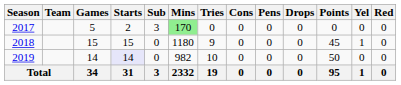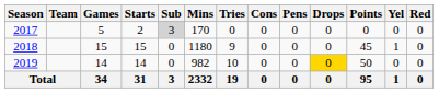 <table class="wikitable" style="text-align:center; line-height:90%; font-size:95%; width:60%;">
 <tr>
 <th>Season</th>
 <th>Team</th>
 <th>Games</th>
 <th>Starts</th>
 <th>Sub</th>
 <th>Mins</th>
 <th>Tries</th>
 <th>Cons</th>
 <th>Pens</th>
 <th>Drops</th>
 <th>Points</th>
 <th>Yel</th>
 <th>Red</th>
 </tr>
 <tr>
 <td><a href='#'>2017</a></td>
 <td></td>
 <td>5</td>
 <td>2</td>
-<td>3</td>
-<td style="background: lightgreen;">170</td>
+<td style="background: lightgrey;">3</td>
+<td>170</td>
 <td>0</td>
 <td>0</td>
 <td>0</td>
 <td>0</td>
 <td>0</td>
 <td>0</td>
 <td>0</td>
 </tr>
 <tr>
 <td><a href='#'>2018</a></td>
 <td></td>
 <td>15</td>
 <td>15</td>
 <td>0</td>
 <td>1180</td>
 <td>9</td>
 <td>0</td>
 <td>0</td>
 <td>0</td>
 <td>45</td>
 <td>1</td>
 <td>0</td>
 </tr>
 <tr>
 <td><a href='#'>2019</a></td>
 <td></td>
 <td>14</td>
-<td style="background: lavender;">14</td>
+<td>14</td>
 <td>0</td>
 <td>982</td>
 <td>10</td>
 <td>0</td>
 <td>0</td>
-<td>0</td>
+<td style="background: gold;">0</td>
 <td>50</td>
 <td>0</td>
 <td>0</td>
 </tr>
 <tr>
 <th colspan="2">Total</th>
 <th>34</th>
 <th>31</th>
 <th>3</th>
 <th>2332</th>
 <th>19</th>
 <th>0</th>
 <th>0</th>
 <th>0</th>
 <th>95</th>
 <th>1</th>
 <th>0</th>
 </tr>
 </table>
